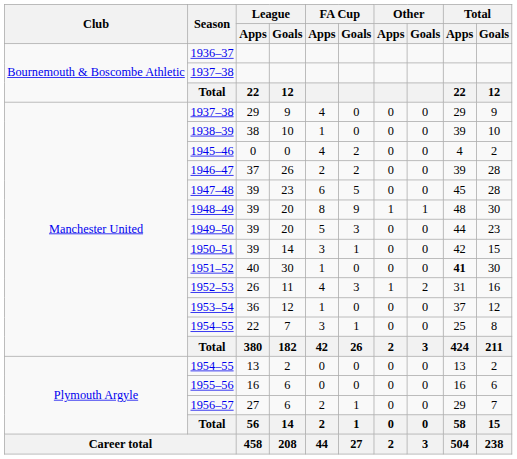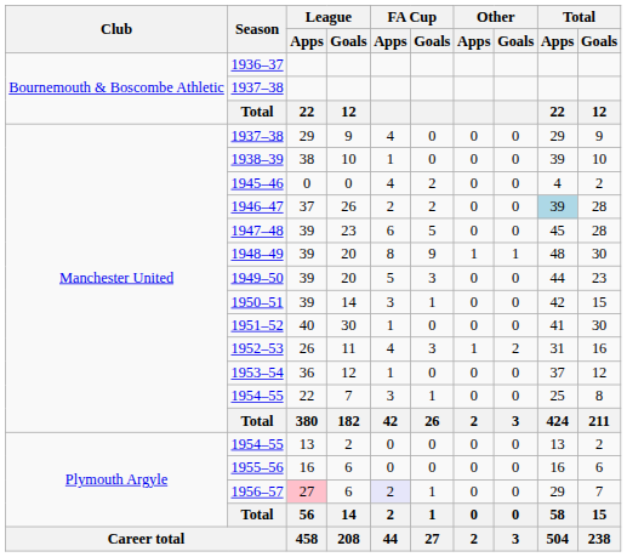 <table class="wikitable" style="text-align:center">
 <tr>
 <th rowspan="2">Club</th>
 <th rowspan="2">Season</th>
 <th colspan="2">League</th>
 <th colspan="2">FA Cup</th>
 <th colspan="2">Other</th>
 <th colspan="2">Total</th>
 </tr>
 <tr>
 <th>Apps</th>
 <th>Goals</th>
 <th>Apps</th>
 <th>Goals</th>
 <th>Apps</th>
 <th>Goals</th>
 <th>Apps</th>
 <th>Goals</th>
 </tr>
 <tr>
 <td rowspan="3"><a href='#'>Bournemouth & Boscombe Athletic</a></td>
 <td><a href='#'>1936–37</a></td>
 <td></td>
 <td></td>
 <td></td>
 <td></td>
 <td></td>
 <td></td>
 <td></td>
 <td></td>
 </tr>
 <tr>
 <td><a href='#'>1937–38</a></td>
 <td></td>
 <td></td>
 <td></td>
 <td></td>
 <td></td>
 <td></td>
 <td></td>
 <td></td>
 </tr>
 <tr>
 <th>Total</th>
 <th>22</th>
 <th>12</th>
 <th></th>
 <th></th>
 <th></th>
 <th></th>
 <th>22</th>
 <th>12</th>
 </tr>
 <tr>
 <td rowspan="13"><a href='#'>Manchester United</a></td>
 <td><a href='#'>1937–38</a></td>
 <td>29</td>
 <td>9</td>
 <td>4</td>
 <td>0</td>
 <td>0</td>
 <td>0</td>
 <td>29</td>
 <td>9</td>
 </tr>
 <tr>
 <td><a href='#'>1938–39</a></td>
 <td>38</td>
 <td>10</td>
 <td>1</td>
 <td>0</td>
 <td>0</td>
 <td>0</td>
 <td>39</td>
 <td>10</td>
 </tr>
 <tr>
 <td><a href='#'>1945–46</a></td>
 <td>0</td>
 <td>0</td>
 <td>4</td>
 <td>2</td>
 <td>0</td>
 <td>0</td>
 <td>4</td>
 <td>2</td>
 </tr>
 <tr>
 <td><a href='#'>1946–47</a></td>
 <td>37</td>
 <td>26</td>
 <td>2</td>
 <td>2</td>
 <td>0</td>
 <td>0</td>
-<td>39</td>
+<td style="background: lightblue;">39</td>
 <td>28</td>
 </tr>
 <tr>
 <td><a href='#'>1947–48</a></td>
 <td>39</td>
 <td>23</td>
 <td>6</td>
 <td>5</td>
 <td>0</td>
 <td>0</td>
 <td>45</td>
 <td>28</td>
 </tr>
 <tr>
 <td><a href='#'>1948–49</a></td>
 <td>39</td>
 <td>20</td>
 <td>8</td>
 <td>9</td>
 <td>1</td>
 <td>1</td>
 <td>48</td>
 <td>30</td>
 </tr>
 <tr>
 <td><a href='#'>1949–50</a></td>
 <td>39</td>
 <td>20</td>
 <td>5</td>
 <td>3</td>
 <td>0</td>
 <td>0</td>
 <td>44</td>
 <td>23</td>
 </tr>
 <tr>
 <td><a href='#'>1950–51</a></td>
 <td>39</td>
 <td>14</td>
 <td>3</td>
 <td>1</td>
 <td>0</td>
 <td>0</td>
 <td>42</td>
 <td>15</td>
 </tr>
 <tr>
 <td><a href='#'>1951–52</a></td>
 <td>40</td>
 <td>30</td>
 <td>1</td>
 <td>0</td>
 <td>0</td>
 <td>0</td>
-<td><strong>41</strong></td>
+<td>41</td>
 <td>30</td>
 </tr>
 <tr>
 <td><a href='#'>1952–53</a></td>
 <td>26</td>
 <td>11</td>
 <td>4</td>
 <td>3</td>
 <td>1</td>
 <td>2</td>
 <td>31</td>
 <td>16</td>
 </tr>
 <tr>
 <td><a href='#'>1953–54</a></td>
 <td>36</td>
 <td>12</td>
 <td>1</td>
 <td>0</td>
 <td>0</td>
 <td>0</td>
 <td>37</td>
 <td>12</td>
 </tr>
 <tr>
 <td><a href='#'>1954–55</a></td>
 <td>22</td>
 <td>7</td>
 <td>3</td>
 <td>1</td>
 <td>0</td>
 <td>0</td>
 <td>25</td>
 <td>8</td>
 </tr>
 <tr>
 <th>Total</th>
 <th>380</th>
 <th>182</th>
 <th>42</th>
 <th>26</th>
 <th>2</th>
 <th>3</th>
 <th>424</th>
 <th>211</th>
 </tr>
 <tr>
 <td rowspan="4"><a href='#'>Plymouth Argyle</a></td>
 <td><a href='#'>1954–55</a></td>
 <td>13</td>
 <td>2</td>
 <td>0</td>
 <td>0</td>
 <td>0</td>
 <td>0</td>
 <td>13</td>
 <td>2</td>
 </tr>
 <tr>
 <td><a href='#'>1955–56</a></td>
 <td>16</td>
 <td>6</td>
 <td>0</td>
 <td>0</td>
 <td>0</td>
 <td>0</td>
 <td>16</td>
 <td>6</td>
 </tr>
 <tr>
 <td><a href='#'>1956–57</a></td>
-<td>27</td>
+<td style="background: pink;">27</td>
 <td>6</td>
-<td>2</td>
+<td style="background: lavender;">2</td>
 <td>1</td>
 <td>0</td>
 <td>0</td>
 <td>29</td>
 <td>7</td>
 </tr>
 <tr>
 <th>Total</th>
 <th>56</th>
 <th>14</th>
 <th>2</th>
 <th>1</th>
 <th>0</th>
 <th>0</th>
 <th>58</th>
 <th>15</th>
 </tr>
 <tr>
 <th colspan="2">Career total</th>
 <th>458</th>
 <th>208</th>
 <th>44</th>
 <th>27</th>
 <th>2</th>
 <th>3</th>
 <th>504</th>
 <th>238</th>
 </tr>
 </table>
